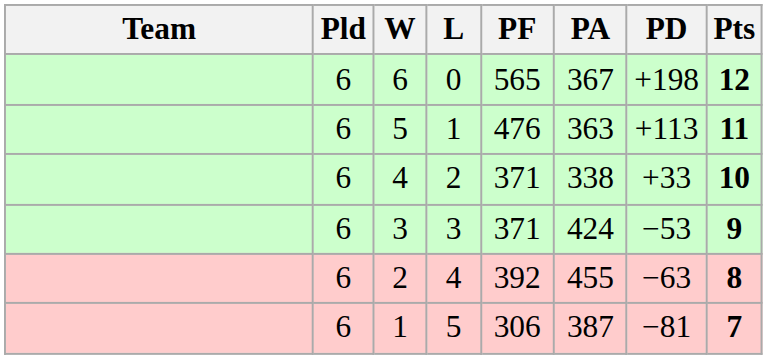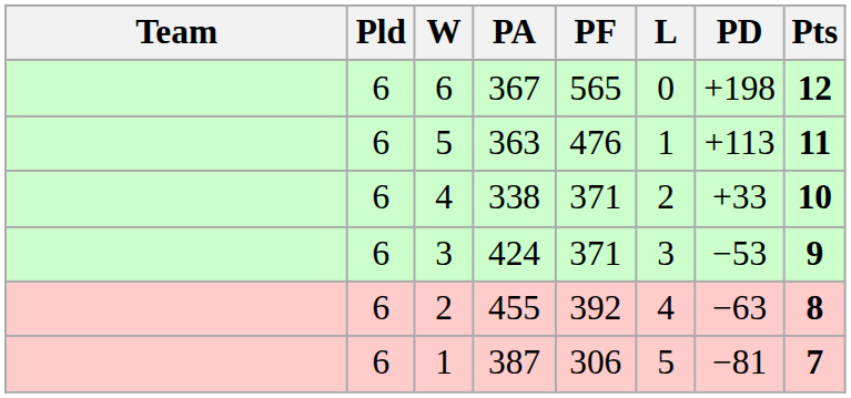 <table class=wikitable>
 <tr align=center>
 <th width=150>Team</th>
 <th width=20>Pld</th>
 <th width=20>W</th>
+<th width=30>PA</th>
+<th width=30>PF</th>
 <th width=20>L</th>
-<th width=30>PF</th>
-<th width=30>PA</th>
 <th width=30>PD</th>
 <th width=20>Pts</th>
 </tr>
 <tr align=center bgcolor=#ccffcc>
 <td align=left></td>
 <td>6</td>
 <td>6</td>
+<td>367</td>
+<td>565</td>
 <td>0</td>
-<td>565</td>
-<td>367</td>
 <td>+198</td>
 <td><strong>12</strong></td>
 </tr>
 <tr align=center bgcolor=#ccffcc>
 <td align=left></td>
 <td>6</td>
 <td>5</td>
+<td>363</td>
+<td>476</td>
 <td>1</td>
-<td>476</td>
-<td>363</td>
 <td>+113</td>
 <td><strong>11</strong></td>
 </tr>
 <tr align=center bgcolor=#ccffcc>
 <td align=left></td>
 <td>6</td>
 <td>4</td>
+<td>338</td>
+<td>371</td>
 <td>2</td>
-<td>371</td>
-<td>338</td>
 <td>+33</td>
 <td><strong>10</strong></td>
 </tr>
 <tr align=center bgcolor=#ccffcc>
 <td align=left></td>
 <td>6</td>
 <td>3</td>
+<td>424</td>
+<td>371</td>
 <td>3</td>
-<td>371</td>
-<td>424</td>
 <td>−53</td>
 <td><strong>9</strong></td>
 </tr>
 <tr align=center bgcolor=#ffcccc>
 <td align=left></td>
 <td>6</td>
 <td>2</td>
+<td>455</td>
+<td>392</td>
 <td>4</td>
-<td>392</td>
-<td>455</td>
 <td>−63</td>
 <td><strong>8</strong></td>
 </tr>
 <tr align=center bgcolor=#ffcccc>
 <td align=left></td>
 <td>6</td>
 <td>1</td>
+<td>387</td>
+<td>306</td>
 <td>5</td>
-<td>306</td>
-<td>387</td>
 <td>−81</td>
 <td><strong>7</strong></td>
 </tr>
 </table>
